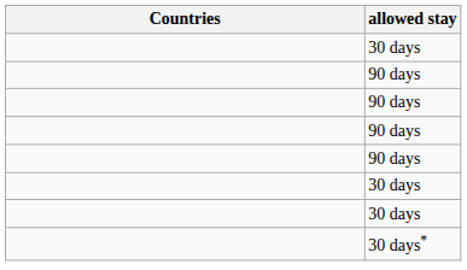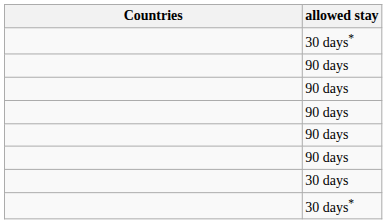 <table class="wikitable" style="font-size:90%">
 <tr>
 <th style="width:300px;">Countries</th>
 <th>allowed stay</th>
 </tr>
 <tr>
 <td></td>
-<td>30 days</td>
+<td>30 days<sup>*</sup></td>
 </tr>
 <tr>
 <td></td>
 <td>90 days</td>
 </tr>
 <tr>
 <td></td>
 <td>90 days</td>
 </tr>
 <tr>
 <td></td>
 <td>90 days</td>
 </tr>
 <tr>
 <td><em></em></td>
 <td>90 days</td>
 </tr>
 <tr>
 <td></td>
-<td>30 days</td>
+<td>90 days</td>
 </tr>
 <tr>
 <td></td>
 <td>30 days</td>
 </tr>
 <tr>
 <td></td>
 <td>30 days<sup>*</sup></td>
 </tr>
 </table>
